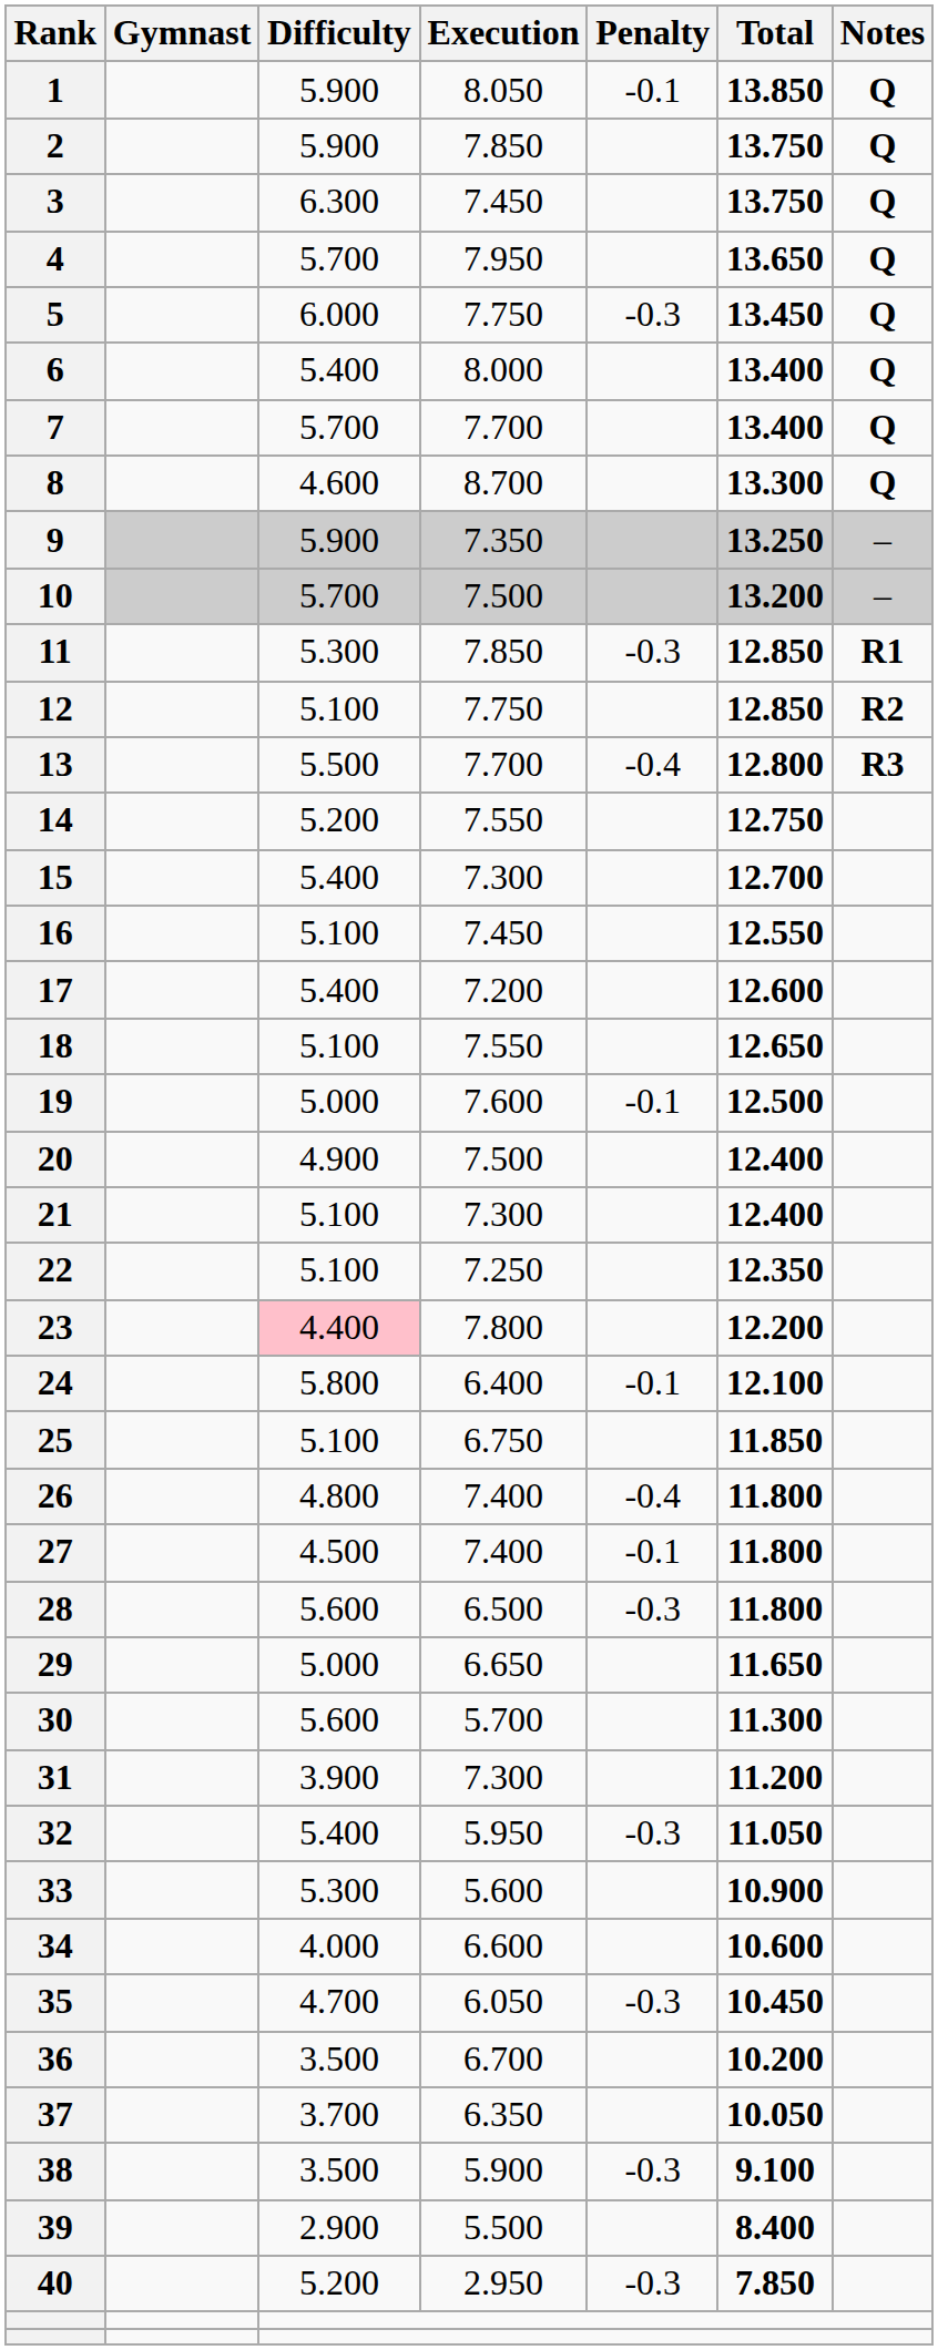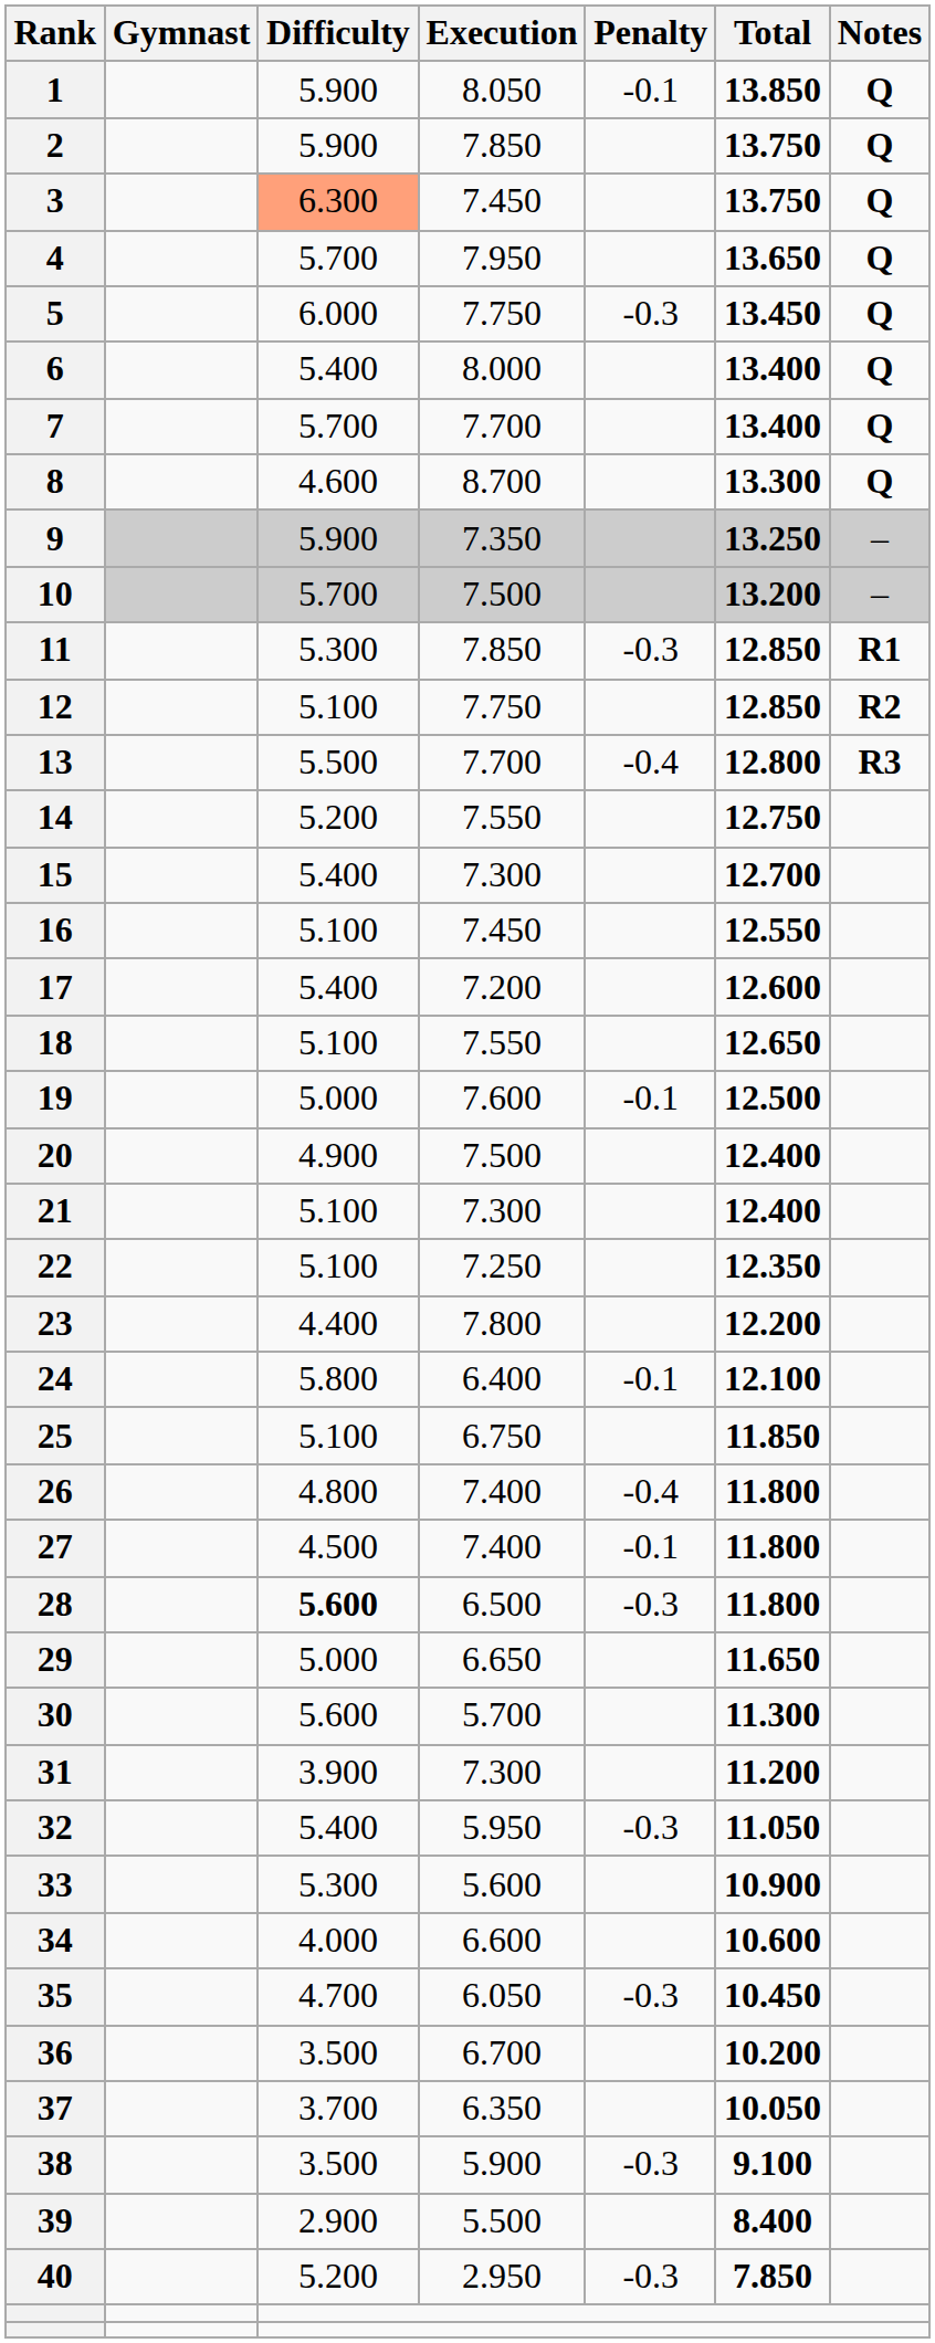 <table class="wikitable sortable" style="text-align:center">
 <tr>
 <th>Rank</th>
 <th>Gymnast</th>
 <th>Difficulty</th>
 <th>Execution</th>
 <th>Penalty</th>
 <th>Total</th>
 <th>Notes</th>
 </tr>
 <tr>
 <th scope=row>1</th>
 <td align=left></td>
 <td>5.900</td>
 <td>8.050</td>
 <td>-0.1</td>
 <td><strong>13.850</strong></td>
 <td><strong>Q</strong></td>
 </tr>
 <tr>
 <th scope=row>2</th>
 <td align=left></td>
 <td>5.900</td>
 <td>7.850</td>
 <td></td>
 <td><strong>13.750</strong></td>
 <td><strong>Q</strong></td>
 </tr>
 <tr>
 <th scope=row>3</th>
 <td align=left></td>
-<td>6.300</td>
+<td style="background: lightsalmon;">6.300</td>
 <td>7.450</td>
 <td></td>
 <td><strong>13.750</strong></td>
 <td><strong>Q</strong></td>
 </tr>
 <tr>
 <th scope=row>4</th>
 <td align=left></td>
 <td>5.700</td>
 <td>7.950</td>
 <td></td>
 <td><strong>13.650</strong></td>
 <td><strong>Q</strong></td>
 </tr>
 <tr>
 <th scope=row>5</th>
 <td align=left></td>
 <td>6.000</td>
 <td>7.750</td>
 <td>-0.3</td>
 <td><strong>13.450 </strong></td>
 <td><strong>Q</strong></td>
 </tr>
 <tr>
 <th scope=row>6</th>
 <td align=left></td>
 <td>5.400</td>
 <td>8.000</td>
 <td></td>
 <td><strong>13.400</strong></td>
 <td><strong>Q</strong></td>
 </tr>
 <tr>
 <th scope=row>7</th>
 <td align=left></td>
 <td>5.700</td>
 <td>7.700</td>
 <td></td>
 <td><strong>13.400</strong></td>
 <td><strong>Q</strong></td>
 </tr>
 <tr>
 <th scope=row>8</th>
 <td align=left></td>
 <td>4.600</td>
 <td>8.700</td>
 <td></td>
 <td><strong>13.300</strong></td>
 <td><strong>Q</strong></td>
 </tr>
 <tr bgcolor="cccccc">
 <th scope=row>9</th>
 <td align=left></td>
 <td>5.900</td>
 <td>7.350</td>
 <td></td>
 <td><strong>13.250</strong></td>
 <td>–</td>
 </tr>
 <tr bgcolor="cccccc">
 <th scope=row>10</th>
 <td align=left></td>
 <td>5.700</td>
 <td>7.500</td>
 <td></td>
 <td><strong>13.200</strong></td>
 <td>–</td>
 </tr>
 <tr>
 <th scope=row>11</th>
 <td align=left></td>
 <td>5.300</td>
 <td>7.850</td>
 <td>-0.3</td>
 <td><strong>12.850</strong></td>
 <td><strong>R1</strong></td>
 </tr>
 <tr>
 <th scope=row>12</th>
 <td align=left></td>
 <td>5.100</td>
 <td>7.750</td>
 <td></td>
 <td><strong>12.850</strong></td>
 <td><strong>R2</strong></td>
 </tr>
 <tr>
 <th scope=row>13</th>
 <td align=left></td>
 <td>5.500</td>
 <td>7.700</td>
 <td>-0.4</td>
 <td><strong>12.800</strong></td>
 <td><strong>R3</strong></td>
 </tr>
 <tr>
 <th scope=row>14</th>
 <td align=left></td>
 <td>5.200</td>
 <td>7.550</td>
 <td></td>
 <td><strong>12.750  </strong></td>
 <td></td>
 </tr>
 <tr>
 <th scope=row>15</th>
 <td align=left></td>
 <td>5.400</td>
 <td>7.300</td>
 <td></td>
 <td><strong>12.700</strong></td>
 <td></td>
 </tr>
 <tr>
 <th scope=row>16</th>
 <td align=left></td>
 <td>5.100</td>
 <td>7.450</td>
 <td></td>
 <td><strong>12.550</strong></td>
 <td></td>
 </tr>
 <tr>
 <th scope=row>17</th>
 <td align=left></td>
 <td>5.400</td>
 <td>7.200</td>
 <td></td>
 <td><strong>12.600</strong></td>
 <td></td>
 </tr>
 <tr>
 <th scope=row>18</th>
 <td align=left></td>
 <td>5.100</td>
 <td>7.550</td>
 <td></td>
 <td><strong>12.650</strong></td>
 <td></td>
 </tr>
 <tr>
 <th scope=row>19</th>
 <td align=left></td>
 <td>5.000</td>
 <td>7.600</td>
 <td>-0.1</td>
 <td><strong>12.500</strong></td>
 <td></td>
 </tr>
 <tr>
 <th scope=row>20</th>
 <td align=left></td>
 <td>4.900</td>
 <td>7.500</td>
 <td></td>
 <td><strong>12.400 </strong></td>
 <td></td>
 </tr>
 <tr>
 <th scope=row>21</th>
 <td align=left></td>
 <td>5.100</td>
 <td>7.300</td>
 <td></td>
 <td><strong>12.400</strong></td>
 <td></td>
 </tr>
 <tr>
 <th scope=row>22</th>
 <td align=left></td>
 <td>5.100</td>
 <td>7.250</td>
 <td></td>
 <td><strong>12.350</strong></td>
 <td></td>
 </tr>
 <tr>
 <th scope=row>23</th>
 <td align=left></td>
-<td style="background: pink;">4.400</td>
+<td>4.400</td>
 <td>7.800</td>
 <td></td>
 <td><strong>12.200</strong></td>
 <td></td>
 </tr>
 <tr>
 <th scope=row>24</th>
 <td align=left></td>
 <td>5.800</td>
 <td>6.400</td>
 <td>-0.1</td>
 <td><strong>12.100</strong></td>
 <td></td>
 </tr>
 <tr>
 <th scope=row>25</th>
 <td align=left></td>
 <td>5.100</td>
 <td>6.750</td>
 <td></td>
 <td><strong>11.850</strong></td>
 <td></td>
 </tr>
 <tr>
 <th scope=row>26</th>
 <td align=left></td>
 <td>4.800</td>
 <td>7.400</td>
 <td>-0.4</td>
 <td><strong>11.800</strong></td>
 <td></td>
 </tr>
 <tr>
 <th scope=row>27</th>
 <td align=left></td>
 <td>4.500</td>
 <td>7.400</td>
 <td>-0.1</td>
 <td><strong>11.800</strong></td>
 <td></td>
 </tr>
 <tr>
 <th scope=row>28</th>
 <td align=left></td>
-<td>5.600</td>
+<td><strong>5.600</strong></td>
 <td>6.500</td>
 <td>-0.3</td>
 <td><strong>11.800</strong></td>
 <td></td>
 </tr>
 <tr>
 <th scope=row>29</th>
 <td align=left></td>
 <td>5.000</td>
 <td>6.650</td>
 <td></td>
 <td><strong>11.650</strong></td>
 <td></td>
 </tr>
 <tr>
 <th scope=row>30</th>
 <td align=left></td>
 <td>5.600</td>
 <td>5.700</td>
 <td></td>
 <td><strong>11.300</strong></td>
 <td></td>
 </tr>
 <tr>
 <th scope=row>31</th>
 <td align=left></td>
 <td>3.900</td>
 <td>7.300</td>
 <td></td>
 <td><strong>11.200</strong></td>
 <td></td>
 </tr>
 <tr>
 <th scope=row>32</th>
 <td align=left></td>
 <td>5.400</td>
 <td>5.950</td>
 <td>-0.3</td>
 <td><strong>11.050</strong></td>
 <td></td>
 </tr>
 <tr>
 <th scope=row>33</th>
 <td align=left></td>
 <td>5.300</td>
 <td>5.600</td>
 <td></td>
 <td><strong>10.900</strong></td>
 <td></td>
 </tr>
 <tr>
 <th scope=row>34</th>
 <td align=left></td>
 <td>4.000</td>
 <td>6.600</td>
 <td></td>
 <td><strong>10.600 </strong></td>
 <td></td>
 </tr>
 <tr>
 <th scope=row>35</th>
 <td align=left></td>
 <td>4.700</td>
 <td>6.050</td>
 <td>-0.3</td>
 <td><strong>10.450</strong></td>
 <td></td>
 </tr>
 <tr>
 <th scope=row>36</th>
 <td align=left></td>
 <td>3.500</td>
 <td>6.700</td>
 <td></td>
 <td><strong>10.200</strong></td>
 <td></td>
 </tr>
 <tr>
 <th scope=row>37</th>
 <td align=left></td>
 <td>3.700</td>
 <td>6.350</td>
 <td></td>
 <td><strong>10.050</strong></td>
 <td></td>
 </tr>
 <tr>
 <th scope=row>38</th>
 <td align=left></td>
 <td>3.500</td>
 <td>5.900</td>
 <td>-0.3</td>
 <td><strong>9.100</strong></td>
 <td></td>
 </tr>
 <tr>
 <th scope=row>39</th>
 <td align=left></td>
 <td>2.900</td>
 <td>5.500</td>
 <td></td>
 <td><strong>8.400</strong></td>
 <td></td>
 </tr>
 <tr>
 <th scope=row>40</th>
 <td align=left></td>
 <td>5.200</td>
 <td>2.950</td>
 <td>-0.3</td>
 <td><strong>7.850</strong></td>
 <td></td>
 </tr>
 <tr>
 <th scope=row></th>
 <td align=left></td>
 <td colspan=5></td>
 </tr>
 <tr>
 <th scope=row></th>
 <td align=left></td>
 <td colspan=5></td>
 </tr>
 </table>
